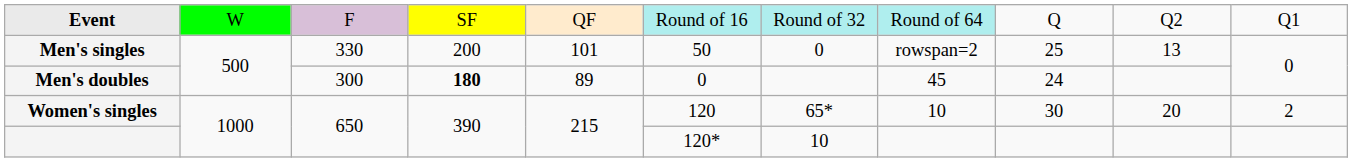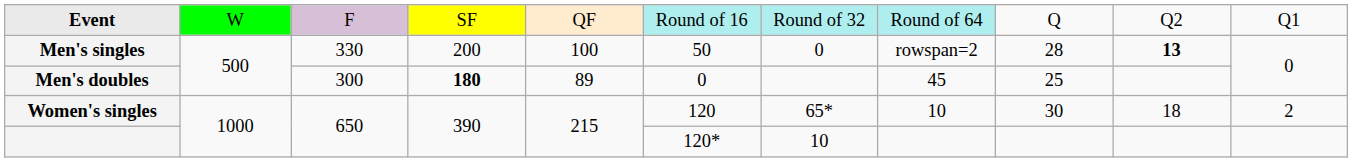 <table class=wikitable style=font-size:90%;text-align:center>
 <tr>
 <td style="width:130px; background:#eaeaea;"><strong>Event</strong></td>
 <td style="width:80px; background:lime;">W</td>
 <td style="width:85px; background:thistle;">F</td>
 <td style="width:85px; background:#ff0;">SF</td>
 <td style="width:85px; background:#ffebcd;">QF</td>
 <td style="width:85px; background:#afeeee;">Round of 16</td>
 <td style="width:85px; background:#afeeee;">Round of 32</td>
 <td style="width:85px; background:#afeeee;">Round of 64</td>
 <td style="width:85px;">Q</td>
 <td style="width:85px;">Q2</td>
 <td style="width:85px;">Q1</td>
 </tr>
 <tr>
 <th style="background:#f4f4f4;">Men's singles</th>
 <td rowspan=2>500</td>
 <td>330</td>
 <td>200</td>
-<td>101</td>
+<td>100</td>
 <td>50</td>
 <td>0</td>
 <td>rowspan=2 </td>
-<td>25</td>
-<td>13</td>
+<td>28</td>
+<td><strong>13</strong></td>
 <td rowspan=2>0</td>
 </tr>
 <tr>
 <th style="background:#f4f4f4;">Men's doubles</th>
 <td>300</td>
 <td><strong>180</strong></td>
 <td>89</td>
 <td>0</td>
 <td></td>
 <td>45</td>
-<td>24</td>
+<td>25</td>
 </tr>
 <tr>
 <th style="background:#f4f4f4;">Women's singles</th>
 <td rowspan=2>1000</td>
 <td rowspan=2>650</td>
 <td rowspan=2>390</td>
 <td rowspan=2>215</td>
 <td>120</td>
 <td>65*</td>
 <td>10</td>
 <td>30</td>
-<td>20</td>
+<td>18</td>
 <td>2</td>
 </tr>
 <tr>
 <th style="background:#f4f4f4;"></th>
 <td>120*</td>
 <td>10</td>
 <td></td>
 <td></td>
 <td></td>
 <td></td>
 </tr>
 </table>
